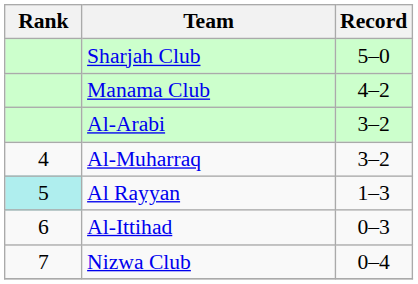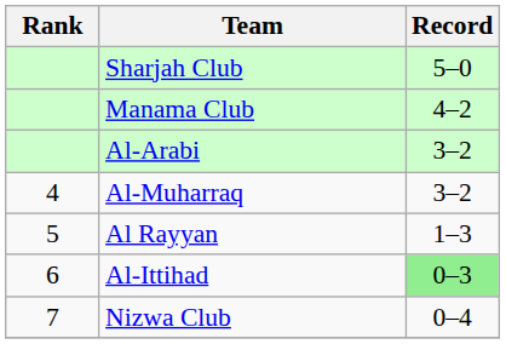 <table class=wikitable style="text-align:center;">
 <tr>
 <th width=50>Rank</th>
 <th width=180>Team</th>
 <th>Record</th>
 </tr>
 <tr bgcolor=#ccffcc>
 <td></td>
 <td align=left> <a href='#'>Sharjah Club</a></td>
 <td>5–0</td>
 </tr>
 <tr bgcolor=#ccffcc>
 <td></td>
 <td align=left> <a href='#'>Manama Club</a></td>
 <td>4–2</td>
 </tr>
 <tr bgcolor=#ccffcc>
 <td></td>
 <td align=left> <a href='#'>Al-Arabi</a></td>
 <td>3–2</td>
 </tr>
 <tr>
 <td>4</td>
 <td align=left> <a href='#'>Al-Muharraq</a></td>
 <td>3–2</td>
 </tr>
 <tr>
-<td style="background: paleturquoise;">5</td>
+<td>5</td>
 <td align=left> <a href='#'>Al Rayyan</a></td>
 <td>1–3</td>
 </tr>
 <tr>
 <td>6</td>
 <td align=left> <a href='#'>Al-Ittihad</a></td>
-<td>0–3</td>
+<td style="background: lightgreen;">0–3</td>
 </tr>
 <tr>
 <td>7</td>
 <td align=left> <a href='#'>Nizwa Club</a></td>
 <td>0–4</td>
 </tr>
 <tr>
 </tr>
 </table>
